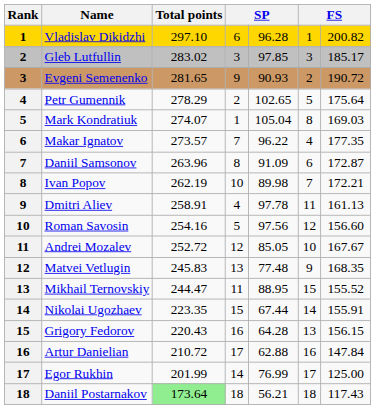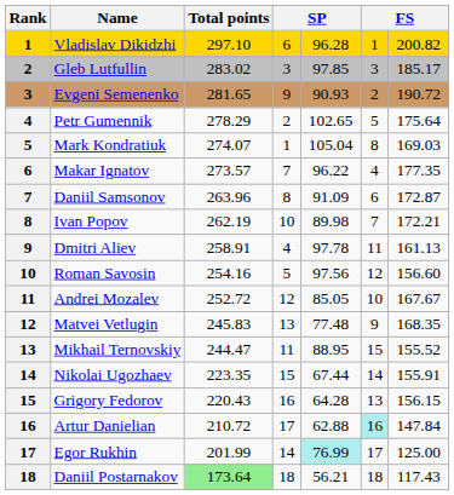 <table class="wikitable sortable">
 <tr>
 <th>Rank</th>
 <th>Name</th>
 <th>Total points</th>
 <th colspan="2" width="80px"><a href='#'>SP</a></th>
 <th colspan="2" width="80px"><a href='#'>FS</a></th>
 </tr>
 <tr bgcolor="gold">
 <td align="center"><strong>1</strong></td>
 <td><a href='#'>Vladislav Dikidzhi</a></td>
 <td align="center">297.10</td>
 <td align="center">6</td>
 <td align="center">96.28</td>
 <td align="center">1</td>
 <td align="center">200.82</td>
 </tr>
 <tr bgcolor="silver">
 <td align="center"><strong>2</strong></td>
 <td><a href='#'>Gleb Lutfullin</a></td>
 <td align="center">283.02</td>
 <td align="center">3</td>
 <td align="center">97.85</td>
 <td align="center">3</td>
 <td align="center">185.17</td>
 </tr>
 <tr bgcolor="cc9966">
 <td align="center"><strong>3</strong></td>
 <td><a href='#'>Evgeni Semenenko</a></td>
 <td align="center">281.65</td>
 <td align="center">9</td>
 <td align="center">90.93</td>
 <td align="center">2</td>
 <td align="center">190.72</td>
 </tr>
 <tr>
 <th>4</th>
 <td><a href='#'>Petr Gumennik</a></td>
 <td align="center">278.29</td>
 <td align="center">2</td>
 <td align="center">102.65</td>
 <td align="center">5</td>
 <td align="center">175.64</td>
 </tr>
 <tr>
 <th>5</th>
 <td><a href='#'>Mark Kondratiuk</a></td>
 <td align="center">274.07</td>
 <td align="center">1</td>
 <td align="center">105.04</td>
 <td align="center">8</td>
 <td align="center">169.03</td>
 </tr>
 <tr>
 <th>6</th>
 <td><a href='#'>Makar Ignatov</a></td>
 <td align="center">273.57</td>
 <td align="center">7</td>
 <td align="center">96.22</td>
 <td align="center">4</td>
 <td align="center">177.35</td>
 </tr>
 <tr>
 <th>7</th>
 <td><a href='#'>Daniil Samsonov</a></td>
 <td align="center">263.96</td>
 <td align="center">8</td>
 <td align="center">91.09</td>
 <td align="center">6</td>
 <td align="center">172.87</td>
 </tr>
 <tr>
 <th>8</th>
 <td><a href='#'>Ivan Popov</a></td>
 <td align="center">262.19</td>
 <td align="center">10</td>
 <td align="center">89.98</td>
 <td align="center">7</td>
 <td align="center">172.21</td>
 </tr>
 <tr>
 <th>9</th>
 <td><a href='#'>Dmitri Aliev</a></td>
 <td align="center">258.91</td>
 <td align="center">4</td>
 <td align="center">97.78</td>
 <td align="center">11</td>
 <td align="center">161.13</td>
 </tr>
 <tr>
 <th>10</th>
 <td><a href='#'>Roman Savosin</a></td>
 <td align="center">254.16</td>
 <td align="center">5</td>
 <td align="center">97.56</td>
 <td align="center">12</td>
 <td align="center">156.60</td>
 </tr>
 <tr>
 <th>11</th>
 <td><a href='#'>Andrei Mozalev</a></td>
 <td align="center">252.72</td>
 <td align="center">12</td>
 <td align="center">85.05</td>
 <td align="center">10</td>
 <td align="center">167.67</td>
 </tr>
 <tr>
 <th>12</th>
 <td><a href='#'>Matvei Vetlugin</a></td>
 <td align="center">245.83</td>
 <td align="center">13</td>
 <td align="center">77.48</td>
 <td align="center">9</td>
 <td align="center">168.35</td>
 </tr>
 <tr>
 <th>13</th>
 <td><a href='#'>Mikhail Ternovskiy</a></td>
 <td align="center">244.47</td>
 <td align="center">11</td>
 <td align="center">88.95</td>
 <td align="center">15</td>
 <td align="center">155.52</td>
 </tr>
 <tr>
 <th>14</th>
 <td><a href='#'>Nikolai Ugozhaev</a></td>
 <td align="center">223.35</td>
 <td align="center">15</td>
 <td align="center">67.44</td>
 <td align="center">14</td>
 <td align="center">155.91</td>
 </tr>
 <tr>
 <th>15</th>
 <td><a href='#'>Grigory Fedorov</a></td>
 <td align="center">220.43</td>
 <td align="center">16</td>
 <td align="center">64.28</td>
 <td align="center">13</td>
 <td align="center">156.15</td>
 </tr>
 <tr>
 <th>16</th>
 <td><a href='#'>Artur Danielian</a></td>
 <td align="center">210.72</td>
 <td align="center">17</td>
 <td align="center">62.88</td>
-<td align="center">16</td>
+<td align="center" style="background: paleturquoise;">16</td>
 <td align="center">147.84</td>
 </tr>
 <tr>
 <th>17</th>
 <td><a href='#'>Egor Rukhin</a></td>
 <td align="center">201.99</td>
 <td align="center">14</td>
-<td align="center">76.99</td>
+<td align="center" style="background: paleturquoise;">76.99</td>
 <td align="center">17</td>
 <td align="center">125.00</td>
 </tr>
 <tr>
 <th>18</th>
 <td><a href='#'>Daniil Postarnakov</a></td>
 <td align="center" style="background: lightgreen;">173.64</td>
 <td align="center">18</td>
 <td align="center">56.21</td>
 <td align="center">18</td>
 <td align="center">117.43</td>
 </tr>
 </table>
